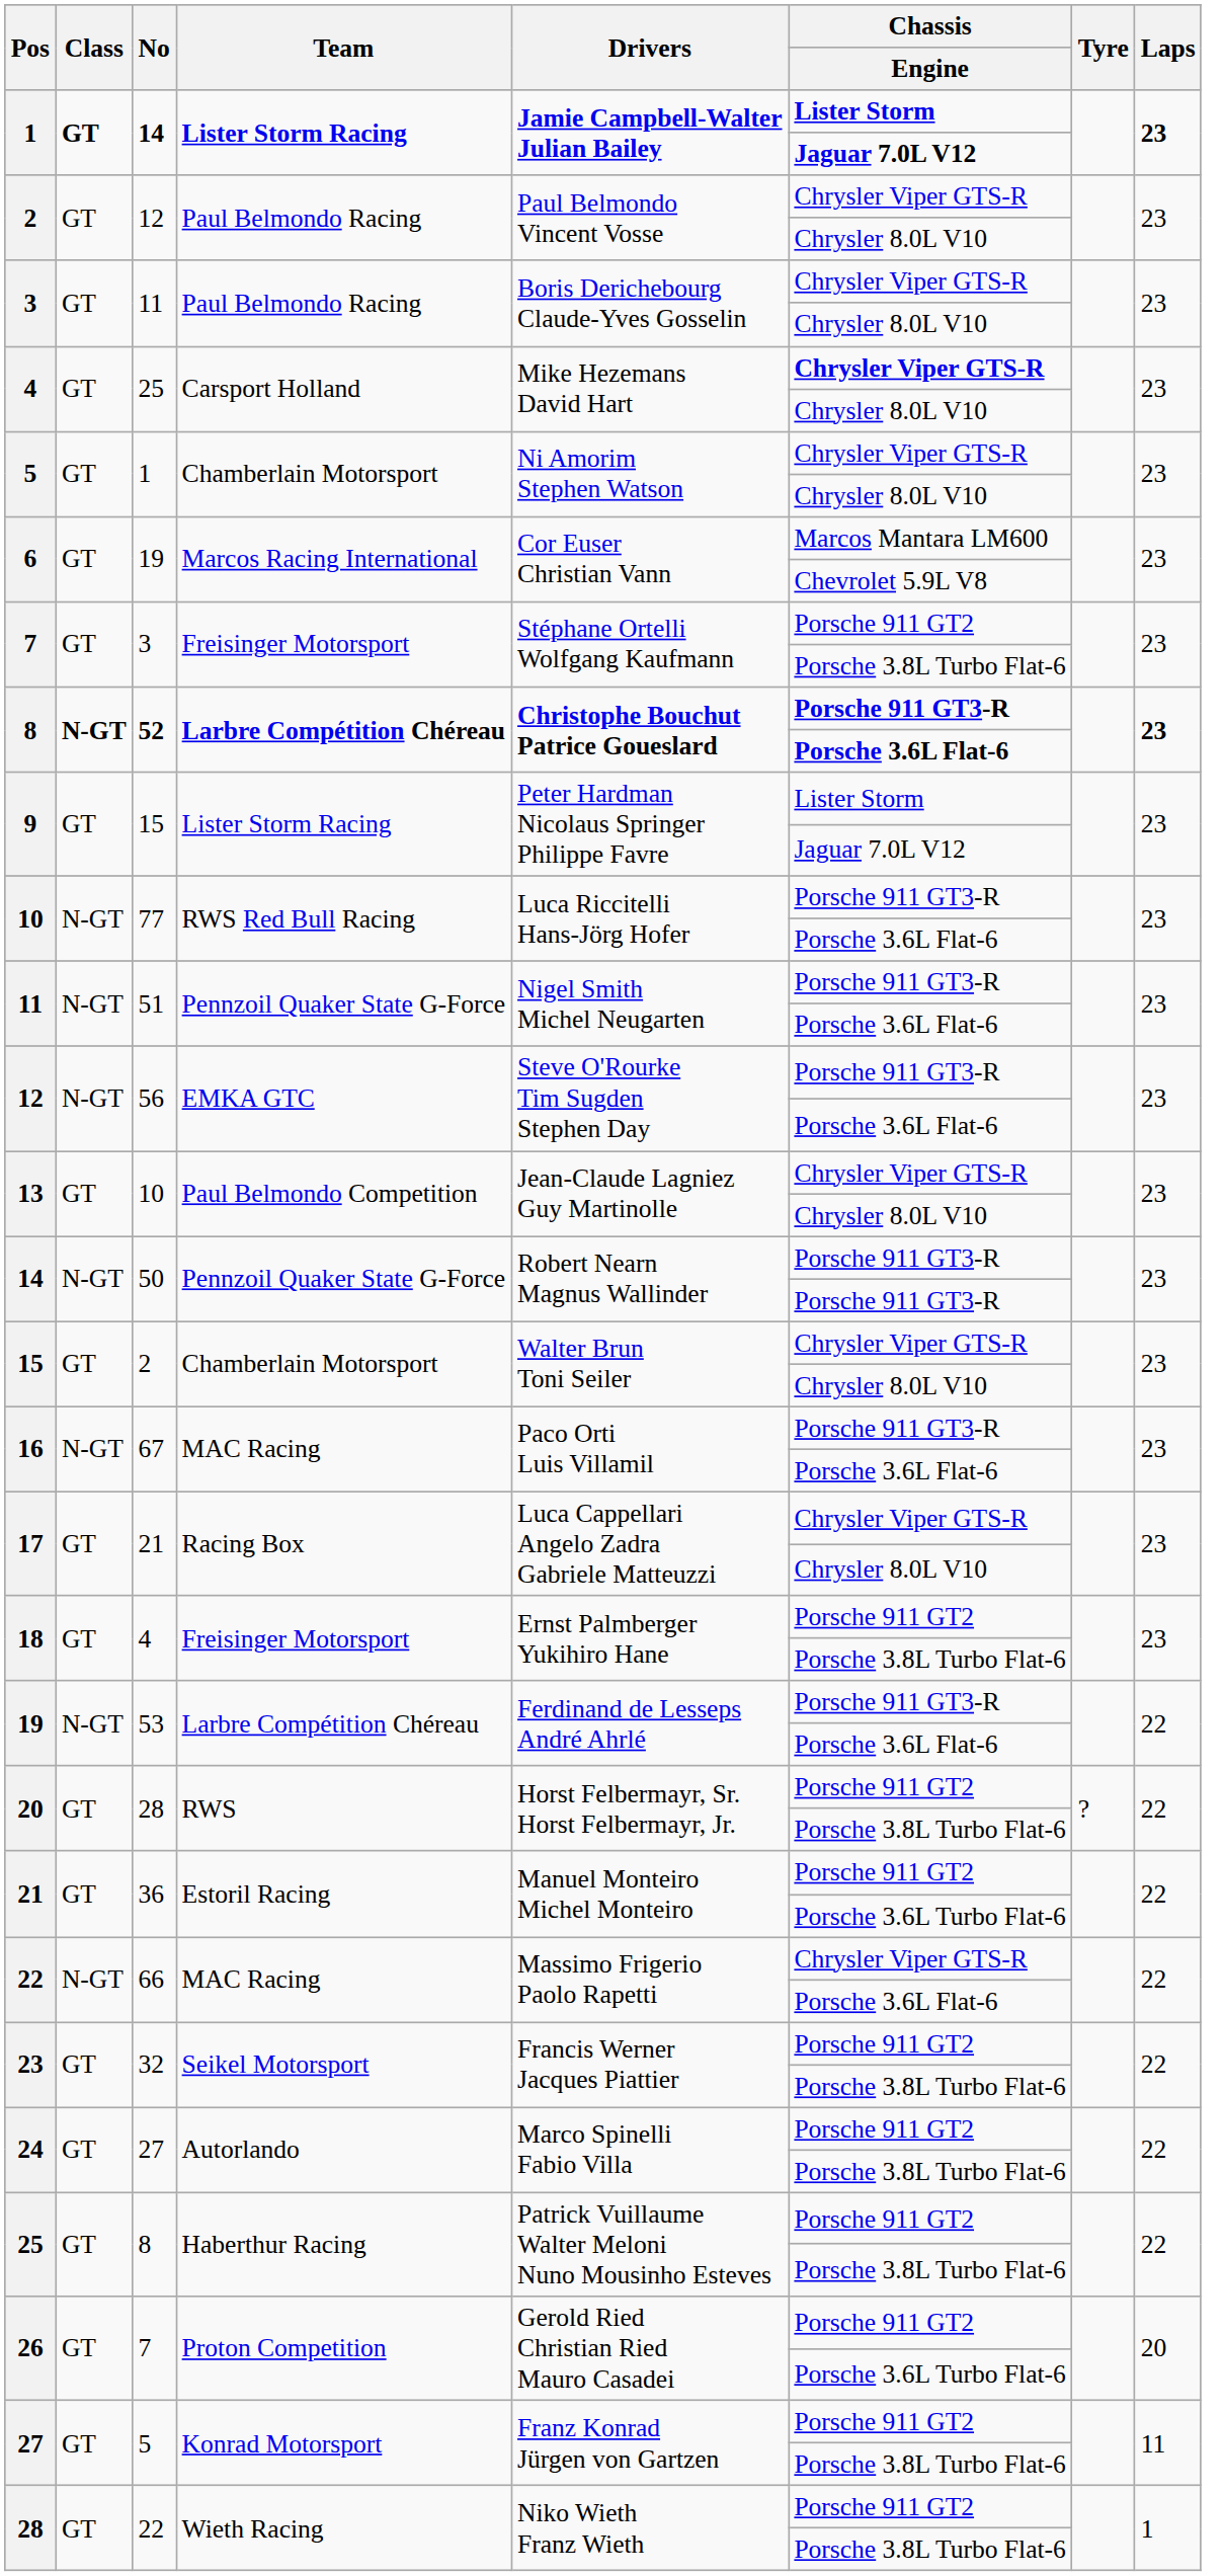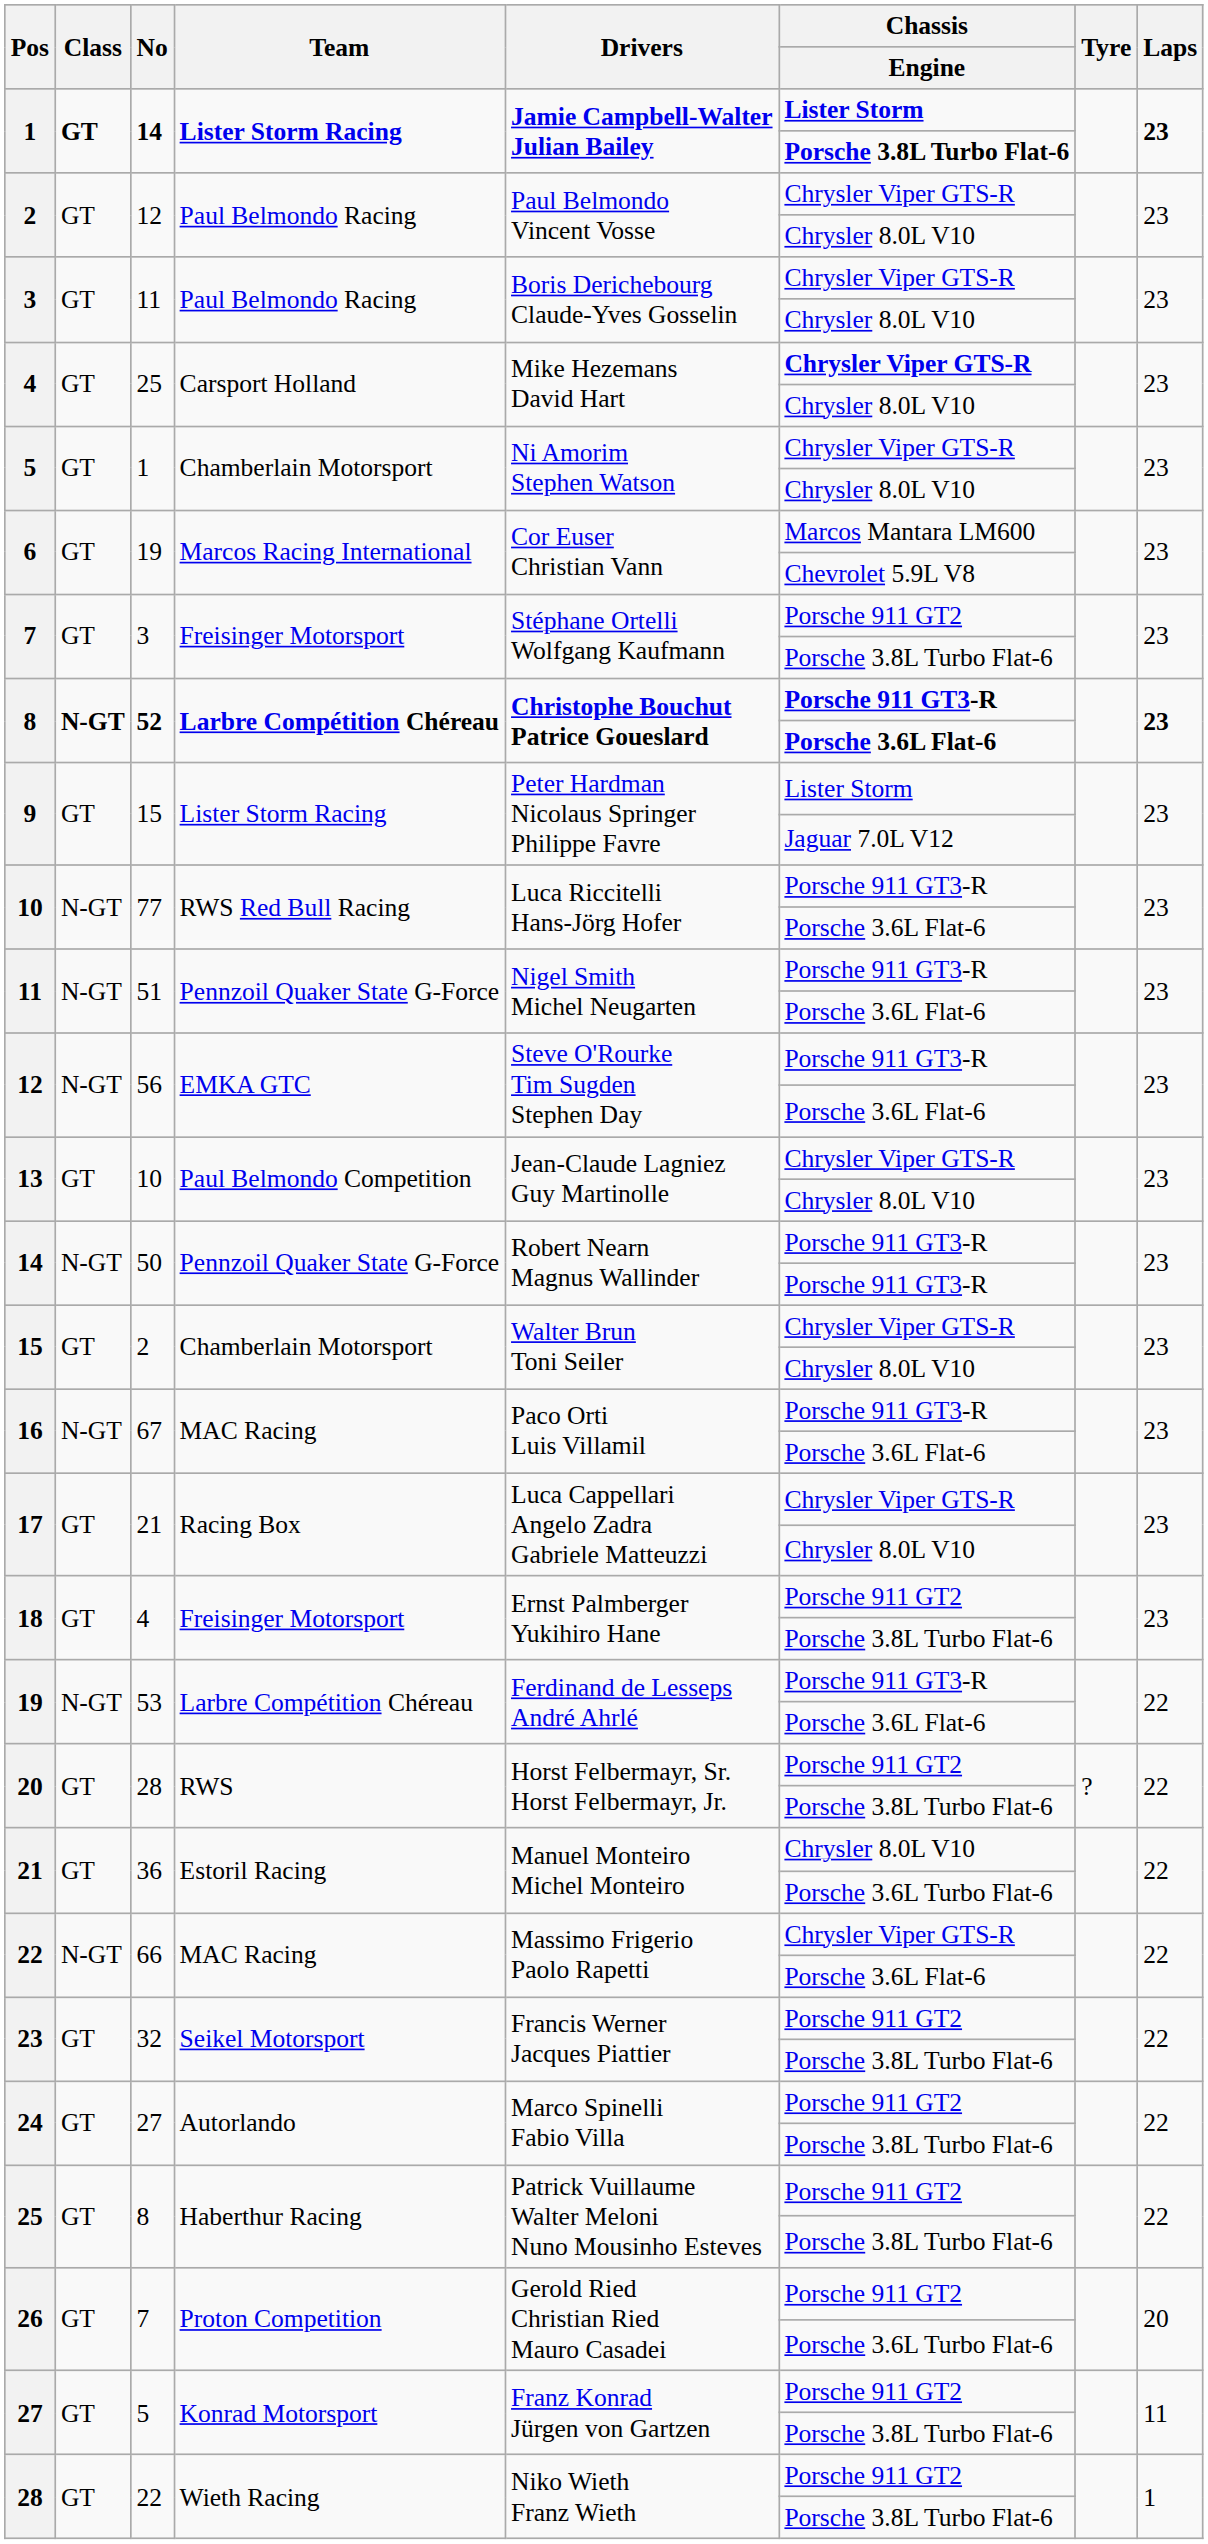 <table class="wikitable" style="font-size: 95%;">
 <tr>
 <th rowspan=2>Pos</th>
 <th rowspan=2>Class</th>
 <th rowspan=2>No</th>
 <th rowspan=2>Team</th>
 <th rowspan=2>Drivers</th>
 <th>Chassis</th>
 <th rowspan=2>Tyre</th>
 <th rowspan=2>Laps</th>
 </tr>
 <tr>
 <th>Engine</th>
 </tr>
 <tr style="font-weight:bold">
 <th rowspan=2>1</th>
 <td rowspan=2>GT</td>
 <td rowspan=2>14</td>
 <td rowspan=2> <a href='#'>Lister Storm Racing</a></td>
 <td rowspan=2> <a href='#'>Jamie Campbell-Walter</a><br> <a href='#'>Julian Bailey</a></td>
 <td><a href='#'>Lister Storm</a></td>
 <td rowspan=2></td>
 <td rowspan=2>23</td>
 </tr>
 <tr style="font-weight:bold">
-<td><a href='#'>Jaguar</a> 7.0L V12</td>
+<td><a href='#'>Porsche</a> 3.8L Turbo Flat-6</td>
 </tr>
 <tr>
 <th rowspan=2>2</th>
 <td rowspan=2>GT</td>
 <td rowspan=2>12</td>
 <td rowspan=2> <a href='#'>Paul Belmondo</a> Racing</td>
 <td rowspan=2> <a href='#'>Paul Belmondo</a><br> Vincent Vosse</td>
 <td><a href='#'>Chrysler Viper GTS-R</a></td>
 <td rowspan=2></td>
 <td rowspan=2>23</td>
 </tr>
 <tr>
 <td><a href='#'>Chrysler</a> 8.0L V10</td>
 </tr>
 <tr>
 <th rowspan=2>3</th>
 <td rowspan=2>GT</td>
 <td rowspan=2>11</td>
 <td rowspan=2> <a href='#'>Paul Belmondo</a> Racing</td>
 <td rowspan=2> <a href='#'>Boris Derichebourg</a><br> Claude-Yves Gosselin</td>
 <td><a href='#'>Chrysler Viper GTS-R</a></td>
 <td rowspan=2></td>
 <td rowspan=2>23</td>
 </tr>
 <tr>
 <td><a href='#'>Chrysler</a> 8.0L V10</td>
 </tr>
 <tr>
 <th rowspan=2>4</th>
 <td rowspan=2>GT</td>
 <td rowspan=2>25</td>
 <td rowspan=2> Carsport Holland</td>
 <td rowspan=2> Mike Hezemans<br> David Hart</td>
 <td><strong><a href='#'>Chrysler Viper GTS-R</a></strong></td>
 <td rowspan=2></td>
 <td rowspan=2>23</td>
 </tr>
 <tr>
 <td><a href='#'>Chrysler</a> 8.0L V10</td>
 </tr>
 <tr>
 <th rowspan=2>5</th>
 <td rowspan=2>GT</td>
 <td rowspan=2>1</td>
 <td rowspan=2> Chamberlain Motorsport</td>
 <td rowspan=2> <a href='#'>Ni Amorim</a><br> <a href='#'>Stephen Watson</a></td>
 <td><a href='#'>Chrysler Viper GTS-R</a></td>
 <td rowspan=2></td>
 <td rowspan=2>23</td>
 </tr>
 <tr>
 <td><a href='#'>Chrysler</a> 8.0L V10</td>
 </tr>
 <tr>
 <th rowspan=2>6</th>
 <td rowspan=2>GT</td>
 <td rowspan=2>19</td>
 <td rowspan=2> <a href='#'>Marcos Racing International</a></td>
 <td rowspan=2> <a href='#'>Cor Euser</a><br> Christian Vann</td>
 <td><a href='#'>Marcos</a> Mantara LM600</td>
 <td rowspan=2></td>
 <td rowspan=2>23</td>
 </tr>
 <tr>
 <td><a href='#'>Chevrolet</a> 5.9L V8</td>
 </tr>
 <tr>
 <th rowspan=2>7</th>
 <td rowspan=2>GT</td>
 <td rowspan=2>3</td>
 <td rowspan=2> <a href='#'>Freisinger Motorsport</a></td>
 <td rowspan=2> <a href='#'>Stéphane Ortelli</a><br> Wolfgang Kaufmann</td>
 <td><a href='#'>Porsche 911 GT2</a></td>
 <td rowspan=2></td>
 <td rowspan=2>23</td>
 </tr>
 <tr>
 <td><a href='#'>Porsche</a> 3.8L Turbo Flat-6</td>
 </tr>
 <tr style="font-weight:bold">
 <th rowspan=2>8</th>
 <td rowspan=2>N-GT</td>
 <td rowspan=2>52</td>
 <td rowspan=2> <a href='#'>Larbre Compétition</a> Chéreau</td>
 <td rowspan=2> <a href='#'>Christophe Bouchut</a><br> Patrice Goueslard</td>
 <td><a href='#'>Porsche 911 GT3</a>-R</td>
 <td rowspan=2></td>
 <td rowspan=2>23</td>
 </tr>
 <tr style="font-weight:bold">
 <td><a href='#'>Porsche</a> 3.6L Flat-6</td>
 </tr>
 <tr>
 <th rowspan=2>9</th>
 <td rowspan=2>GT</td>
 <td rowspan=2>15</td>
 <td rowspan=2> <a href='#'>Lister Storm Racing</a></td>
 <td rowspan=2> <a href='#'>Peter Hardman</a><br> Nicolaus Springer<br> Philippe Favre</td>
 <td><a href='#'>Lister Storm</a></td>
 <td rowspan=2></td>
 <td rowspan=2>23</td>
 </tr>
 <tr>
 <td><a href='#'>Jaguar</a> 7.0L V12</td>
 </tr>
 <tr>
 <th rowspan=2>10</th>
 <td rowspan=2>N-GT</td>
 <td rowspan=2>77</td>
 <td rowspan=2> RWS <a href='#'>Red Bull</a> Racing</td>
 <td rowspan=2> Luca Riccitelli<br> Hans-Jörg Hofer</td>
 <td><a href='#'>Porsche 911 GT3</a>-R</td>
 <td rowspan=2></td>
 <td rowspan=2>23</td>
 </tr>
 <tr>
 <td><a href='#'>Porsche</a> 3.6L Flat-6</td>
 </tr>
 <tr>
 <th rowspan=2>11</th>
 <td rowspan=2>N-GT</td>
 <td rowspan=2>51</td>
 <td rowspan=2> <a href='#'>Pennzoil Quaker State</a> G-Force</td>
 <td rowspan=2> <a href='#'>Nigel Smith</a><br> Michel Neugarten</td>
 <td><a href='#'>Porsche 911 GT3</a>-R</td>
 <td rowspan=2></td>
 <td rowspan=2>23</td>
 </tr>
 <tr>
 <td><a href='#'>Porsche</a> 3.6L Flat-6</td>
 </tr>
 <tr>
 <th rowspan=2>12</th>
 <td rowspan=2>N-GT</td>
 <td rowspan=2>56</td>
 <td rowspan=2> <a href='#'>EMKA GTC</a></td>
 <td rowspan=2> <a href='#'>Steve O'Rourke</a><br> <a href='#'>Tim Sugden</a><br> Stephen Day</td>
 <td><a href='#'>Porsche 911 GT3</a>-R</td>
 <td rowspan=2></td>
 <td rowspan=2>23</td>
 </tr>
 <tr>
 <td><a href='#'>Porsche</a> 3.6L Flat-6</td>
 </tr>
 <tr>
 <th rowspan=2>13</th>
 <td rowspan=2>GT</td>
 <td rowspan=2>10</td>
 <td rowspan=2> <a href='#'>Paul Belmondo</a> Competition</td>
 <td rowspan=2> Jean-Claude Lagniez<br> Guy Martinolle</td>
 <td><a href='#'>Chrysler Viper GTS-R</a></td>
 <td rowspan=2></td>
 <td rowspan=2>23</td>
 </tr>
 <tr>
 <td><a href='#'>Chrysler</a> 8.0L V10</td>
 </tr>
 <tr>
 <th rowspan=2>14</th>
 <td rowspan=2>N-GT</td>
 <td rowspan=2>50</td>
 <td rowspan=2> <a href='#'>Pennzoil Quaker State</a> G-Force</td>
 <td rowspan=2> Robert Nearn<br> Magnus Wallinder</td>
 <td><a href='#'>Porsche 911 GT3</a>-R</td>
 <td rowspan=2></td>
 <td rowspan=2>23</td>
 </tr>
 <tr>
 <td><a href='#'>Porsche 911 GT3</a>-R</td>
 </tr>
 <tr>
 <th rowspan=2>15</th>
 <td rowspan=2>GT</td>
 <td rowspan=2>2</td>
 <td rowspan=2> Chamberlain Motorsport</td>
 <td rowspan=2> <a href='#'>Walter Brun</a><br> Toni Seiler</td>
 <td><a href='#'>Chrysler Viper GTS-R</a></td>
 <td rowspan=2></td>
 <td rowspan=2>23</td>
 </tr>
 <tr>
 <td><a href='#'>Chrysler</a> 8.0L V10</td>
 </tr>
 <tr>
 <th rowspan=2>16</th>
 <td rowspan=2>N-GT</td>
 <td rowspan=2>67</td>
 <td rowspan=2> MAC Racing</td>
 <td rowspan=2> Paco Orti<br> Luis Villamil</td>
 <td><a href='#'>Porsche 911 GT3</a>-R</td>
 <td rowspan=2></td>
 <td rowspan=2>23</td>
 </tr>
 <tr>
 <td><a href='#'>Porsche</a> 3.6L Flat-6</td>
 </tr>
 <tr>
 <th rowspan=2>17</th>
 <td rowspan=2>GT</td>
 <td rowspan=2>21</td>
 <td rowspan=2> Racing Box</td>
 <td rowspan=2> Luca Cappellari<br> Angelo Zadra<br> Gabriele Matteuzzi</td>
 <td><a href='#'>Chrysler Viper GTS-R</a></td>
 <td rowspan=2></td>
 <td rowspan=2>23</td>
 </tr>
 <tr>
 <td><a href='#'>Chrysler</a> 8.0L V10</td>
 </tr>
 <tr>
 <th rowspan=2>18</th>
 <td rowspan=2>GT</td>
 <td rowspan=2>4</td>
 <td rowspan=2> <a href='#'>Freisinger Motorsport</a></td>
 <td rowspan=2> Ernst Palmberger<br> Yukihiro Hane</td>
 <td><a href='#'>Porsche 911 GT2</a></td>
 <td rowspan=2></td>
 <td rowspan=2>23</td>
 </tr>
 <tr>
 <td><a href='#'>Porsche</a> 3.8L Turbo Flat-6</td>
 </tr>
 <tr>
 <th rowspan=2>19</th>
 <td rowspan=2>N-GT</td>
 <td rowspan=2>53</td>
 <td rowspan=2> <a href='#'>Larbre Compétition</a> Chéreau</td>
 <td rowspan=2> <a href='#'>Ferdinand de Lesseps</a><br> <a href='#'>André Ahrlé</a></td>
 <td><a href='#'>Porsche 911 GT3</a>-R</td>
 <td rowspan=2></td>
 <td rowspan=2>22</td>
 </tr>
 <tr>
 <td><a href='#'>Porsche</a> 3.6L Flat-6</td>
 </tr>
 <tr>
 <th rowspan=2>20</th>
 <td rowspan=2>GT</td>
 <td rowspan=2>28</td>
 <td rowspan=2> RWS</td>
 <td rowspan=2> Horst Felbermayr, Sr.<br> Horst Felbermayr, Jr.</td>
 <td><a href='#'>Porsche 911 GT2</a></td>
 <td rowspan=2>?</td>
 <td rowspan=2>22</td>
 </tr>
 <tr>
 <td><a href='#'>Porsche</a> 3.8L Turbo Flat-6</td>
 </tr>
 <tr>
 <th rowspan=2>21</th>
 <td rowspan=2>GT</td>
 <td rowspan=2>36</td>
 <td rowspan=2> Estoril Racing</td>
 <td rowspan=2> Manuel Monteiro<br> Michel Monteiro</td>
-<td><a href='#'>Porsche 911 GT2</a></td>
+<td><a href='#'>Chrysler</a> 8.0L V10</td>
 <td rowspan=2></td>
 <td rowspan=2>22</td>
 </tr>
 <tr>
 <td><a href='#'>Porsche</a> 3.6L Turbo Flat-6</td>
 </tr>
 <tr>
 <th rowspan=2>22</th>
 <td rowspan=2>N-GT</td>
 <td rowspan=2>66</td>
 <td rowspan=2> MAC Racing</td>
 <td rowspan=2> Massimo Frigerio<br> Paolo Rapetti</td>
 <td><a href='#'>Chrysler Viper GTS-R</a></td>
 <td rowspan=2></td>
 <td rowspan=2>22</td>
 </tr>
 <tr>
 <td><a href='#'>Porsche</a> 3.6L Flat-6</td>
 </tr>
 <tr>
 <th rowspan=2>23</th>
 <td rowspan=2>GT</td>
 <td rowspan=2>32</td>
 <td rowspan=2> <a href='#'>Seikel Motorsport</a></td>
 <td rowspan=2> Francis Werner<br> Jacques Piattier</td>
 <td><a href='#'>Porsche 911 GT2</a></td>
 <td rowspan=2></td>
 <td rowspan=2>22</td>
 </tr>
 <tr>
 <td><a href='#'>Porsche</a> 3.8L Turbo Flat-6</td>
 </tr>
 <tr>
 <th rowspan=2>24</th>
 <td rowspan=2>GT</td>
 <td rowspan=2>27</td>
 <td rowspan=2> Autorlando</td>
 <td rowspan=2> Marco Spinelli<br> Fabio Villa</td>
 <td><a href='#'>Porsche 911 GT2</a></td>
 <td rowspan=2></td>
 <td rowspan=2>22</td>
 </tr>
 <tr>
 <td><a href='#'>Porsche</a> 3.8L Turbo Flat-6</td>
 </tr>
 <tr>
 <th rowspan=2>25</th>
 <td rowspan=2>GT</td>
 <td rowspan=2>8</td>
 <td rowspan=2> Haberthur Racing</td>
 <td rowspan=2> Patrick Vuillaume<br> Walter Meloni<br> Nuno Mousinho Esteves</td>
 <td><a href='#'>Porsche 911 GT2</a></td>
 <td rowspan=2></td>
 <td rowspan=2>22</td>
 </tr>
 <tr>
 <td><a href='#'>Porsche</a> 3.8L Turbo Flat-6</td>
 </tr>
 <tr>
 <th rowspan=2>26</th>
 <td rowspan=2>GT</td>
 <td rowspan=2>7</td>
 <td rowspan=2> <a href='#'>Proton Competition</a></td>
 <td rowspan=2> Gerold Ried<br> Christian Ried<br> Mauro Casadei</td>
 <td><a href='#'>Porsche 911 GT2</a></td>
 <td rowspan=2></td>
 <td rowspan=2>20</td>
 </tr>
 <tr>
 <td><a href='#'>Porsche</a> 3.6L Turbo Flat-6</td>
 </tr>
 <tr>
 <th rowspan=2>27</th>
 <td rowspan=2>GT</td>
 <td rowspan=2>5</td>
 <td rowspan=2> <a href='#'>Konrad Motorsport</a></td>
 <td rowspan=2> <a href='#'>Franz Konrad</a><br> Jürgen von Gartzen</td>
 <td><a href='#'>Porsche 911 GT2</a></td>
 <td rowspan=2></td>
 <td rowspan=2>11</td>
 </tr>
 <tr>
 <td><a href='#'>Porsche</a> 3.8L Turbo Flat-6</td>
 </tr>
 <tr>
 <th rowspan=2>28</th>
 <td rowspan=2>GT</td>
 <td rowspan=2>22</td>
 <td rowspan=2> Wieth Racing</td>
 <td rowspan=2> Niko Wieth<br> Franz Wieth</td>
 <td><a href='#'>Porsche 911 GT2</a></td>
 <td rowspan=2></td>
 <td rowspan=2>1</td>
 </tr>
 <tr>
 <td><a href='#'>Porsche</a> 3.8L Turbo Flat-6</td>
 </tr>
 </table>
